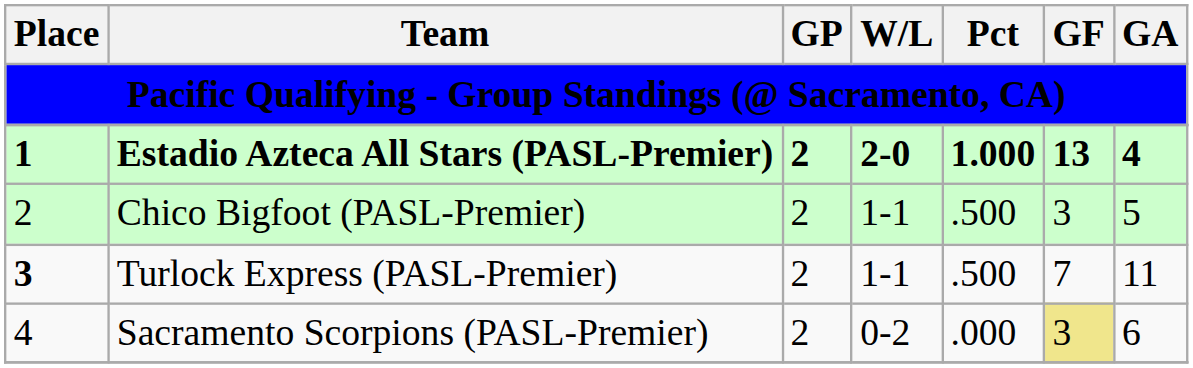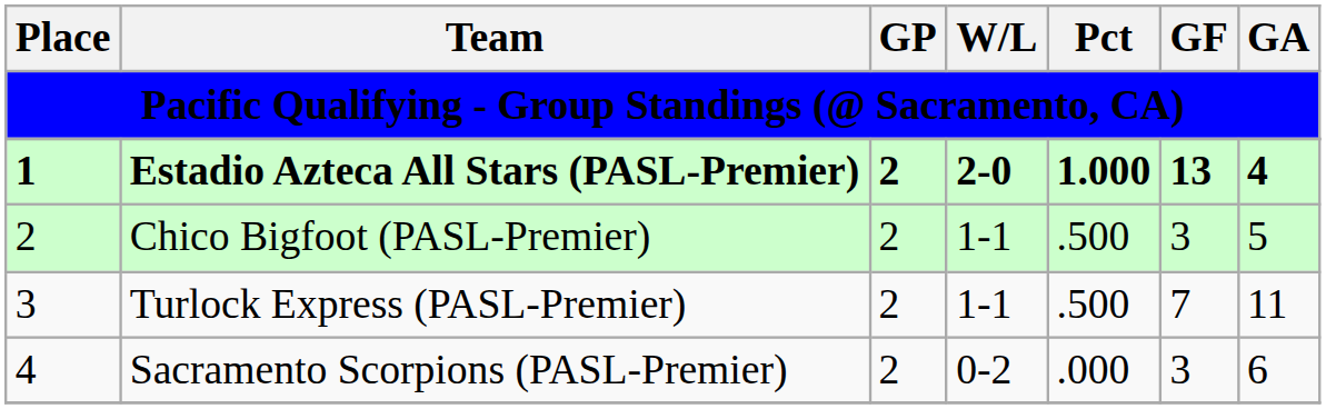 <table class="wikitable">
 <tr>
 <th>Place</th>
 <th>Team</th>
 <th>GP</th>
 <th>W/L</th>
 <th>Pct</th>
 <th>GF</th>
 <th>GA</th>
 </tr>
 <tr>
 <th style=background-color:blue colspan=9><span>Pacific Qualifying - Group Standings (@ Sacramento, CA)</span></th>
 </tr>
 <tr>
 </tr>
 <tr bgcolor=#ccffcc>
 <td><strong>1</strong></td>
 <td><strong>Estadio Azteca All Stars (PASL-Premier)</strong></td>
 <td><strong>2</strong></td>
 <td><strong>2-0</strong></td>
 <td><strong>1.000</strong></td>
 <td><strong>13</strong></td>
 <td><strong>4</strong></td>
 </tr>
 <tr bgcolor=#ccffcc>
 <td>2</td>
 <td>Chico Bigfoot (PASL-Premier)</td>
 <td>2</td>
 <td>1-1</td>
 <td>.500</td>
 <td>3</td>
 <td>5</td>
 </tr>
 <tr>
-<td><strong>3</strong></td>
+<td>3</td>
 <td>Turlock Express (PASL-Premier)</td>
 <td>2</td>
 <td>1-1</td>
 <td>.500</td>
 <td>7</td>
 <td>11</td>
 </tr>
 <tr>
 <td>4</td>
 <td>Sacramento Scorpions (PASL-Premier)</td>
 <td>2</td>
 <td>0-2</td>
 <td>.000</td>
-<td style="background: khaki;">3</td>
+<td>3</td>
 <td>6</td>
 </tr>
 <tr>
 </tr>
 </table>
